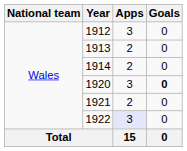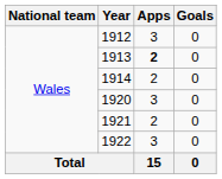 <table class=wikitable style="text-align: center">
 <tr>
 <th>National team</th>
 <th>Year</th>
 <th>Apps</th>
 <th>Goals</th>
 </tr>
 <tr>
 <td rowspan=6><a href='#'>Wales</a></td>
 <td>1912</td>
 <td>3</td>
 <td>0</td>
 </tr>
 <tr>
 <td>1913</td>
-<td>2</td>
+<td><strong>2</strong></td>
 <td>0</td>
 </tr>
 <tr>
 <td>1914</td>
 <td>2</td>
 <td>0</td>
 </tr>
 <tr>
 <td>1920</td>
 <td>3</td>
-<td><strong>0</strong></td>
+<td>0</td>
 </tr>
 <tr>
 <td>1921</td>
 <td>2</td>
 <td>0</td>
 </tr>
 <tr>
 <td>1922</td>
-<td style="background: lavender;">3</td>
+<td>3</td>
 <td>0</td>
 </tr>
 <tr>
 <th colspan=2>Total</th>
 <th>15</th>
 <th>0</th>
 </tr>
 </table>
